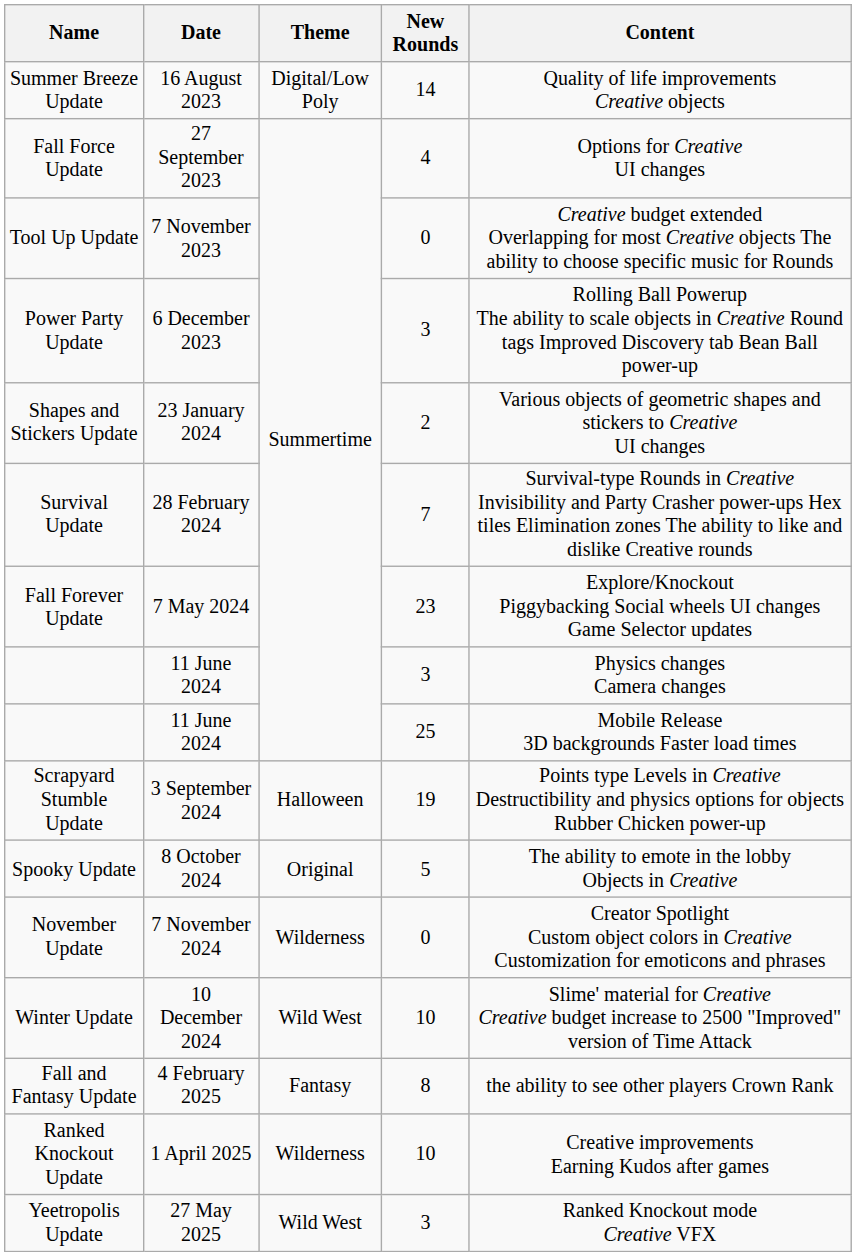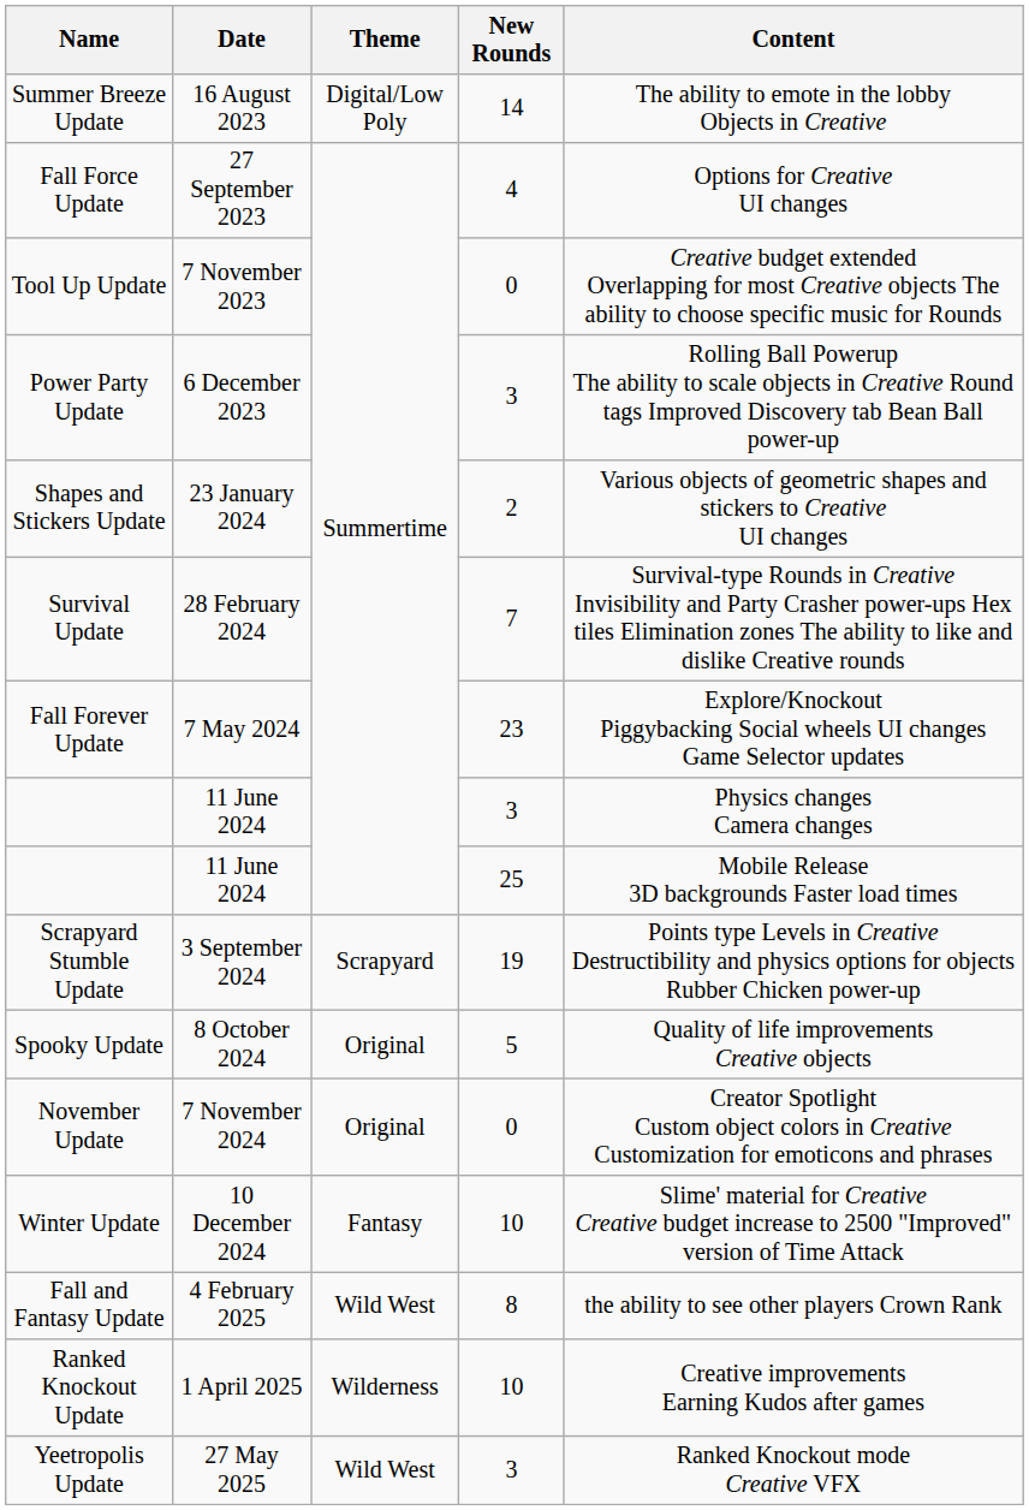 <table class="wikitable" style="text-align:center; font-size:90%;">
 <tr>
 <th>Name</th>
 <th>Date</th>
 <th>Theme</th>
 <th>New Rounds</th>
 <th>Content</th>
 </tr>
 <tr>
 <td>Summer Breeze Update</td>
 <td>16 August 2023</td>
 <td>Digital/Low Poly</td>
 <td>14</td>
-<td>Quality of life improvements<br><em>Creative</em> objects</td>
+<td>The ability to emote in the lobby<br>Objects in <em>Creative</em></td>
 </tr>
 <tr>
 <td>Fall Force Update</td>
 <td>27 September 2023</td>
 <td rowspan="8">Summertime</td>
 <td>4</td>
 <td>Options for <em>Creative</em><br>UI changes</td>
 </tr>
 <tr>
 <td>Tool Up Update</td>
 <td>7 November 2023</td>
 <td>0</td>
 <td><em>Creative</em> budget extended<br>Overlapping for most <em>Creative</em> objects The ability to choose specific music for Rounds</td>
 </tr>
 <tr>
 <td>Power Party Update</td>
 <td>6 December 2023</td>
 <td>3</td>
 <td>Rolling Ball Powerup<br>The ability to scale objects in <em>Creative</em> Round tags Improved Discovery tab Bean Ball power-up</td>
 </tr>
 <tr>
 <td>Shapes and Stickers Update</td>
 <td>23 January 2024</td>
 <td>2</td>
 <td>Various objects of geometric shapes and stickers to <em>Creative</em><br>UI changes</td>
 </tr>
 <tr>
 <td>Survival Update</td>
 <td>28 February 2024</td>
 <td>7</td>
 <td>Survival-type Rounds in <em>Creative</em><br>Invisibility and Party Crasher power-ups Hex tiles Elimination zones The ability to like and dislike Creative rounds</td>
 </tr>
 <tr>
 <td>Fall Forever Update</td>
 <td>7 May 2024</td>
 <td>23</td>
 <td>Explore/Knockout<br>Piggybacking Social wheels UI changes Game Selector updates</td>
 </tr>
 <tr>
 <td></td>
 <td>11 June 2024</td>
 <td>3</td>
 <td>Physics changes<br>Camera changes</td>
 </tr>
 <tr>
 <td></td>
 <td>11 June 2024</td>
 <td>25</td>
 <td>Mobile Release<br>3D backgrounds Faster load times</td>
 </tr>
 <tr>
 <td>Scrapyard Stumble Update</td>
 <td>3 September 2024</td>
-<td>Halloween</td>
+<td>Scrapyard</td>
 <td>19</td>
 <td>Points type Levels in <em>Creative</em><br>Destructibility and physics options for objects Rubber Chicken power-up</td>
 </tr>
 <tr>
 <td>Spooky Update</td>
 <td>8 October 2024</td>
 <td>Original</td>
 <td>5</td>
-<td>The ability to emote in the lobby<br>Objects in <em>Creative</em></td>
+<td>Quality of life improvements<br><em>Creative</em> objects</td>
 </tr>
 <tr>
 <td>November Update</td>
 <td>7 November 2024</td>
-<td>Wilderness</td>
+<td>Original</td>
 <td>0</td>
 <td>Creator Spotlight<br>Custom object colors in <em>Creative</em> Customization for emoticons and phrases</td>
 </tr>
 <tr>
 <td>Winter Update</td>
 <td>10 December 2024</td>
-<td>Wild West</td>
+<td>Fantasy</td>
 <td>10</td>
 <td>Slime' material for <em>Creative</em><br><em>Creative</em> budget increase to 2500 "Improved" version of Time Attack</td>
 </tr>
 <tr>
 <td>Fall and Fantasy Update</td>
 <td>4 February 2025</td>
-<td>Fantasy</td>
+<td>Wild West</td>
 <td>8</td>
 <td>the ability to see other players Crown Rank</td>
 </tr>
 <tr>
 <td>Ranked Knockout Update</td>
 <td>1 April 2025</td>
 <td>Wilderness</td>
 <td>10</td>
 <td>Creative improvements<br>Earning Kudos after games</td>
 </tr>
 <tr>
 <td>Yeetropolis Update</td>
 <td>27 May 2025</td>
 <td>Wild West</td>
 <td>3</td>
 <td>Ranked Knockout mode<br><em>Creative</em> VFX</td>
 </tr>
 </table>
